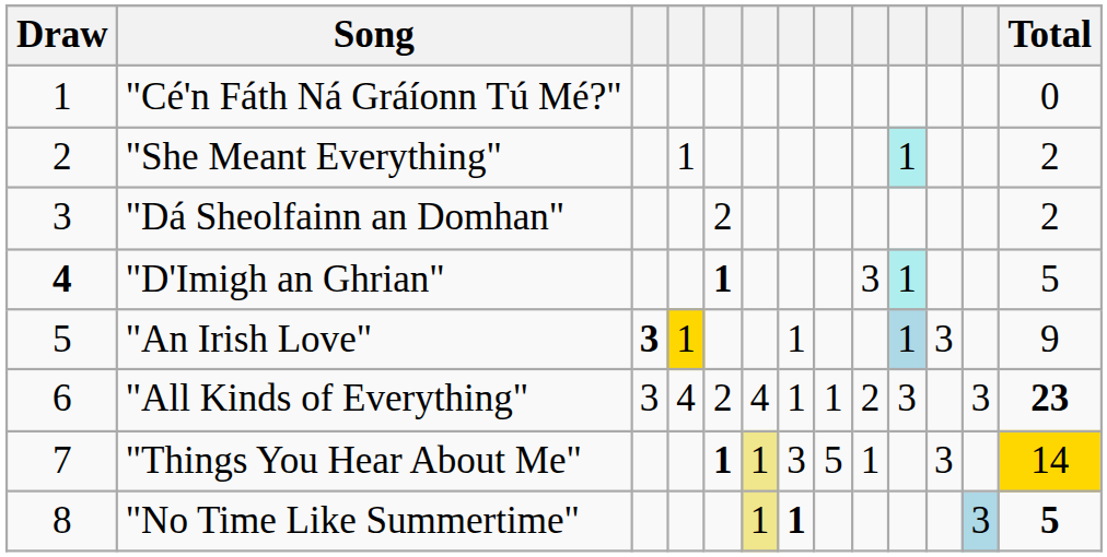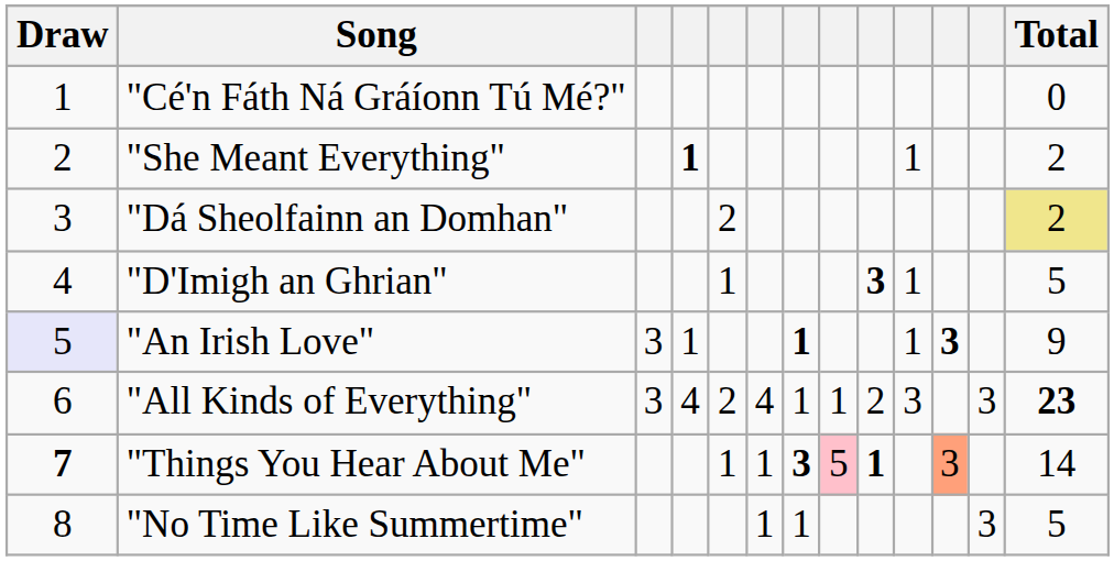 <table class="wikitable plainrowheaders" style="margin: 1em auto 1em auto; text-align:center;">
 <tr>
 </tr>
 <tr>
 <th>Draw</th>
 <th>Song</th>
 <th></th>
 <th></th>
 <th></th>
 <th></th>
 <th></th>
 <th></th>
 <th></th>
 <th></th>
 <th></th>
 <th></th>
 <th>Total</th>
 </tr>
 <tr --->
 <td>1</td>
 <td align="left">"Cé'n Fáth Ná Gráíonn Tú Mé?"</td>
 <td></td>
 <td></td>
 <td></td>
 <td></td>
 <td></td>
 <td></td>
 <td></td>
 <td></td>
 <td></td>
 <td></td>
 <td>0</td>
 </tr>
 <tr --->
 <td>2</td>
 <td align="left">"She Meant Everything"</td>
 <td></td>
-<td>1</td>
+<td><strong>1</strong></td>
 <td></td>
 <td></td>
 <td></td>
 <td></td>
 <td></td>
-<td style="background: paleturquoise;">1</td>
+<td>1</td>
 <td></td>
 <td></td>
 <td>2</td>
 </tr>
 <tr --->
 <td>3</td>
 <td align="left">"Dá Sheolfainn an Domhan"</td>
 <td></td>
 <td></td>
 <td>2</td>
 <td></td>
 <td></td>
 <td></td>
 <td></td>
 <td></td>
 <td></td>
 <td></td>
-<td>2</td>
+<td style="background: khaki;">2</td>
 </tr>
 <tr --->
-<td><strong>4</strong></td>
+<td>4</td>
 <td align="left">"D'Imigh an Ghrian"</td>
+<td></td>
+<td></td>
+<td>1</td>
+<td></td>
+<td></td>
+<td></td>
+<td><strong>3</strong></td>
+<td>1</td>
+<td></td>
+<td></td>
+<td>5</td>
+</tr>
+<tr --->
+<td style="background: lavender;">5</td>
+<td align="left">"An Irish Love"</td>
+<td>3</td>
+<td>1</td>
 <td></td>
 <td></td>
 <td><strong>1</strong></td>
 <td></td>
 <td></td>
-<td></td>
-<td>3</td>
-<td style="background: paleturquoise;">1</td>
-<td></td>
-<td></td>
-<td>5</td>
-</tr>
-<tr --->
-<td>5</td>
-<td align="left">"An Irish Love"</td>
+<td>1</td>
 <td><strong>3</strong></td>
-<td style="background: gold;">1</td>
-<td></td>
-<td></td>
-<td>1</td>
-<td></td>
-<td></td>
-<td style="background: lightblue;">1</td>
-<td>3</td>
 <td></td>
 <td>9</td>
 </tr>
 <tr --->
 <td>6</td>
 <td align="left">"All Kinds of Everything"</td>
 <td>3</td>
 <td>4</td>
 <td>2</td>
 <td>4</td>
 <td>1</td>
 <td>1</td>
 <td>2</td>
 <td>3</td>
 <td></td>
 <td>3</td>
 <td><strong>23</strong></td>
 </tr>
 <tr --->
-<td>7</td>
+<td><strong>7</strong></td>
 <td align="left">"Things You Hear About Me"</td>
 <td></td>
 <td></td>
+<td>1</td>
+<td>1</td>
+<td><strong>3</strong></td>
+<td style="background: pink;">5</td>
 <td><strong>1</strong></td>
-<td style="background: khaki;">1</td>
-<td>3</td>
-<td>5</td>
-<td>1</td>
 <td></td>
-<td>3</td>
+<td style="background: lightsalmon;">3</td>
 <td></td>
-<td style="background: gold;">14</td>
+<td>14</td>
 </tr>
 <tr --->
 <td>8</td>
 <td align="left">"No Time Like Summertime"</td>
 <td></td>
 <td></td>
 <td></td>
-<td style="background: khaki;">1</td>
-<td><strong>1</strong></td>
+<td>1</td>
+<td>1</td>
 <td></td>
 <td></td>
 <td></td>
 <td></td>
-<td style="background: lightblue;">3</td>
-<td><strong>5</strong></td>
+<td>3</td>
+<td>5</td>
 </tr>
 </table>
